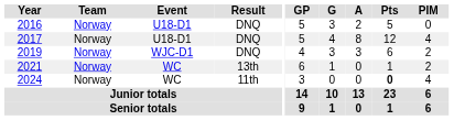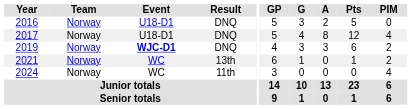 <table border="0" cellpadding="1" cellspacing="0" ID="Table3" style="text-align:center; width:40em;">
 <tr bgcolor="#e0e0e0">
 <th>Year</th>
 <th>Team</th>
 <th>Event</th>
 <th>Result</th>
 <th rowspan="99" bgcolor="#fff"></th>
 <th>GP</th>
 <th>G</th>
 <th>A</th>
 <th>Pts</th>
 <th>PIM</th>
 </tr>
 <tr>
 <td><a href='#'>2016</a></td>
 <td><a href='#'>Norway</a></td>
 <td><a href='#'>U18-D1</a></td>
 <td>DNQ</td>
 <td>5</td>
 <td>3</td>
 <td>2</td>
 <td>5</td>
 <td>0</td>
 </tr>
 <tr bgcolor="#f0f0f0">
 <td><a href='#'>2017</a></td>
 <td>Norway</td>
 <td>U18-D1</td>
 <td>DNQ</td>
 <td>5</td>
 <td>4</td>
 <td>8</td>
 <td>12</td>
 <td>4</td>
 </tr>
 <tr>
 <td><a href='#'>2019</a></td>
 <td><a href='#'>Norway</a></td>
-<td><a href='#'>WJC-D1</a></td>
+<td><strong><a href='#'>WJC-D1</a></strong></td>
 <td>DNQ</td>
 <td>4</td>
 <td>3</td>
 <td>3</td>
 <td>6</td>
 <td>2</td>
 </tr>
 <tr bgcolor="#f0f0f0">
 <td><a href='#'>2021</a></td>
 <td><a href='#'>Norway</a></td>
 <td><a href='#'>WC</a></td>
 <td>13th</td>
 <td>6</td>
 <td>1</td>
 <td>0</td>
 <td>1</td>
 <td>2</td>
 </tr>
 <tr>
 <td><a href='#'>2024</a></td>
 <td>Norway</td>
 <td>WC</td>
 <td>11th</td>
 <td>3</td>
 <td>0</td>
 <td>0</td>
-<td><strong>0</strong></td>
+<td>0</td>
 <td>4</td>
 </tr>
 <tr bgcolor="#e0e0e0">
 <th colspan="4">Junior totals</th>
 <th>14</th>
 <th>10</th>
 <th>13</th>
 <th>23</th>
 <th>6</th>
 </tr>
 <tr bgcolor="#e0e0e0">
 <th colspan="4">Senior totals</th>
 <th>9</th>
 <th>1</th>
 <th>0</th>
 <th>1</th>
 <th>6</th>
 </tr>
 </table>
